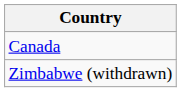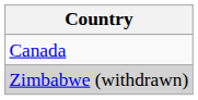 <table class="wikitable">
 <tr>
 <th>Country</th>
 </tr>
 <tr>
 <td> <a href='#'>Canada</a></td>
 </tr>
 <tr>
-<td> <a href='#'>Zimbabwe</a> (withdrawn)</td>
+<td style="background: lightgrey;"> <a href='#'>Zimbabwe</a> (withdrawn)</td>
 </tr>
 </table>
